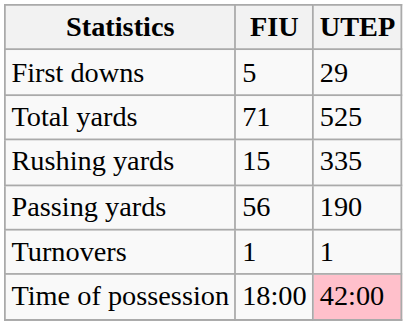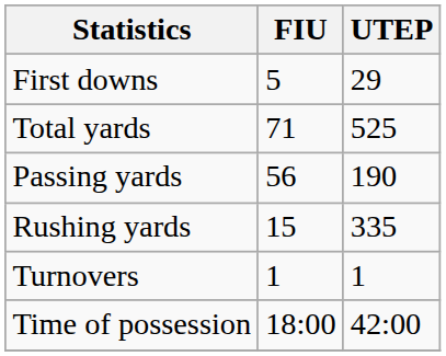 <table class="wikitable">
 <tr>
 <th>Statistics</th>
 <th>FIU</th>
 <th>UTEP</th>
 </tr>
 <tr>
 <td>First downs</td>
 <td>5</td>
 <td>29</td>
 </tr>
 <tr>
 <td>Total yards</td>
 <td>71</td>
 <td>525</td>
 </tr>
 <tr>
+<td>Passing yards</td>
+<td>56</td>
+<td>190</td>
+</tr>
+<tr>
 <td>Rushing yards</td>
 <td>15</td>
 <td>335</td>
-</tr>
-<tr>
-<td>Passing yards</td>
-<td>56</td>
-<td>190</td>
 </tr>
 <tr>
 <td>Turnovers</td>
 <td>1</td>
 <td>1</td>
 </tr>
 <tr>
 <td>Time of possession</td>
 <td>18:00</td>
-<td style="background: pink;">42:00</td>
+<td>42:00</td>
 </tr>
 <tr>
 </tr>
 </table>
